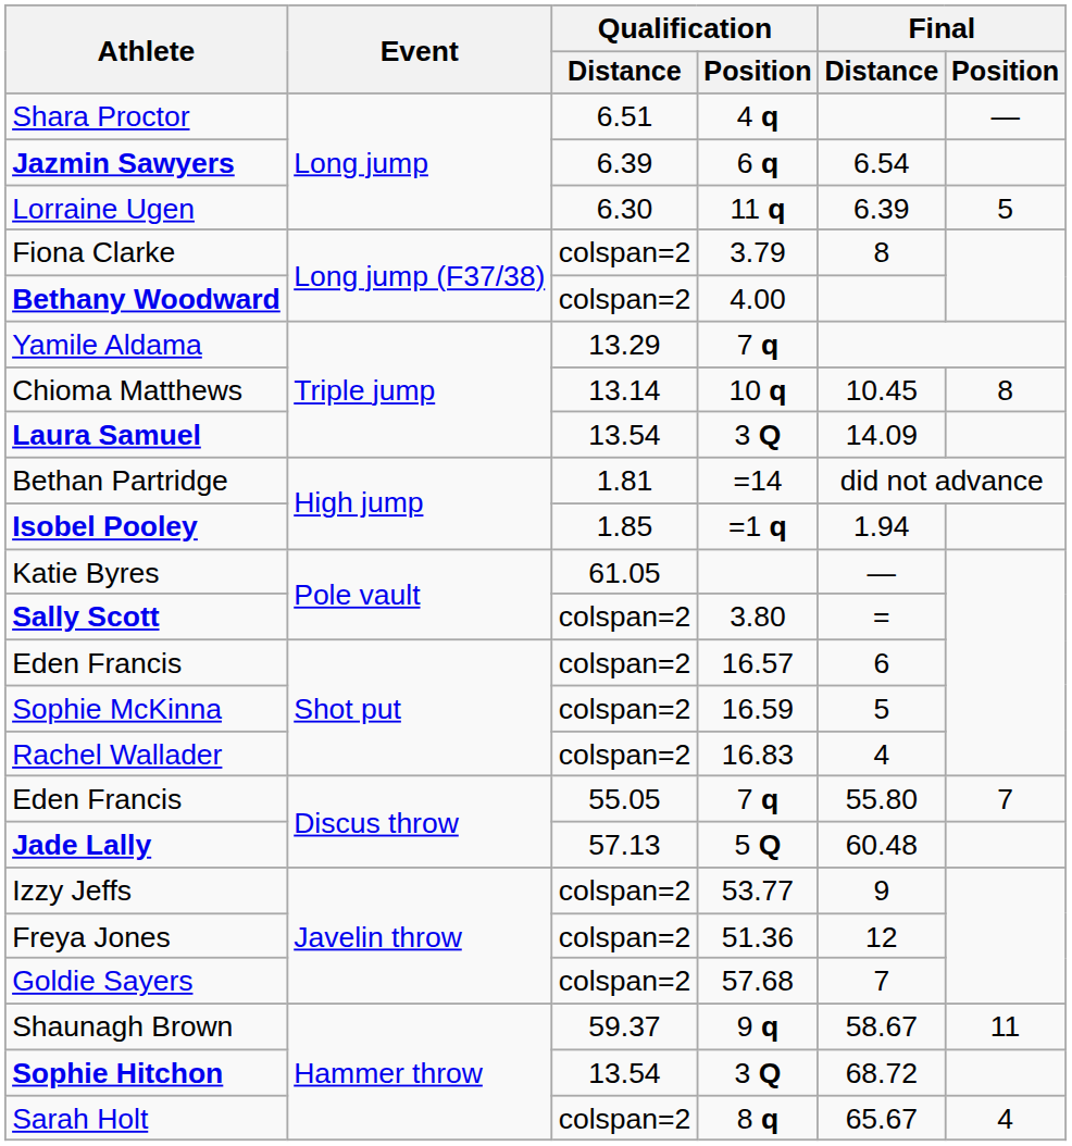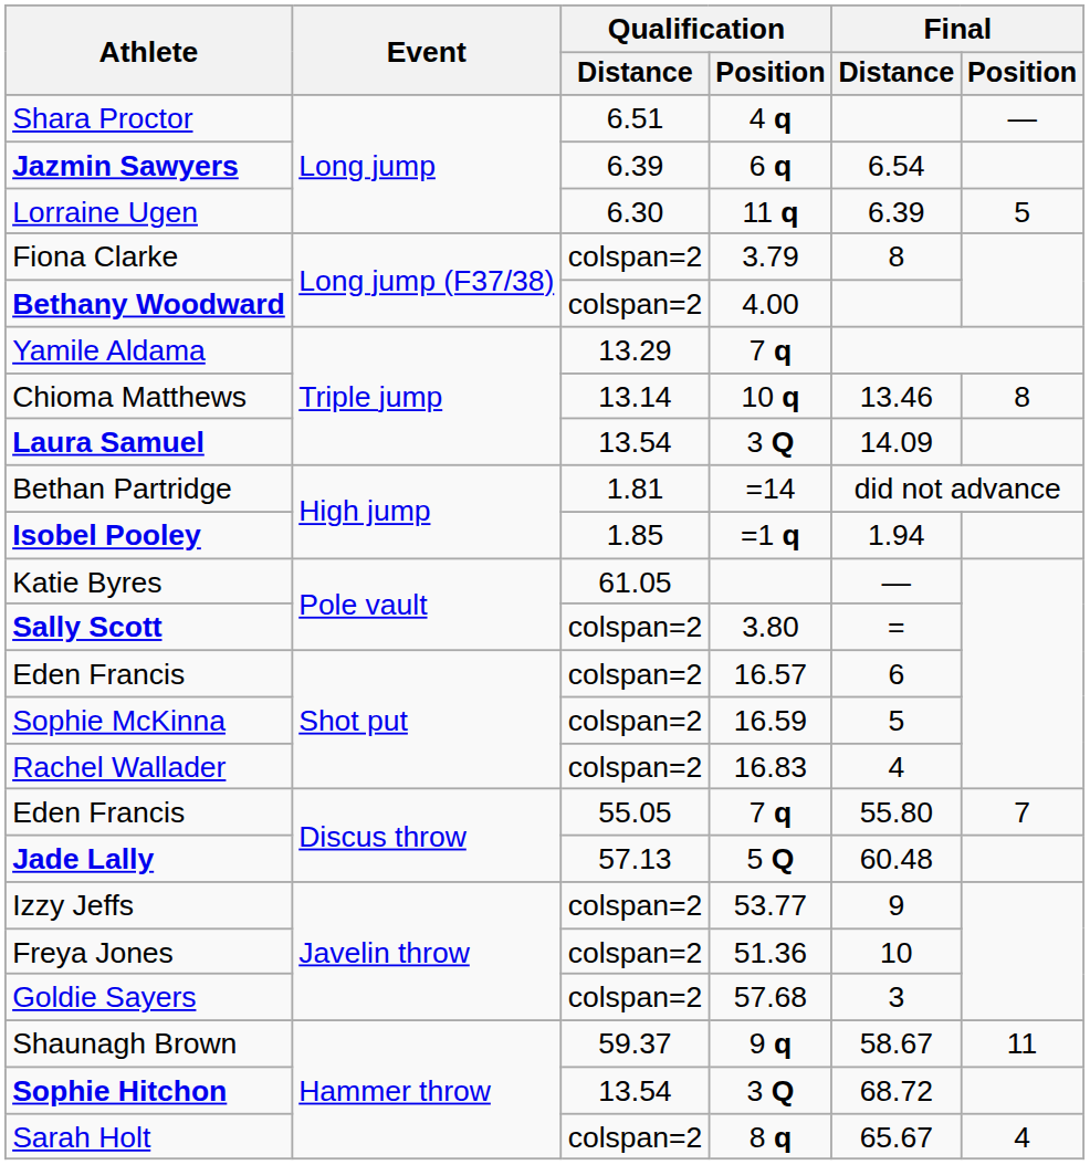 <table class=wikitable style="font-size:90%">
 <tr>
 <th rowspan="2">Athlete</th>
 <th rowspan="2">Event</th>
 <th colspan="2">Qualification</th>
 <th colspan="2">Final</th>
 </tr>
 <tr style="font-size:95%">
 <th>Distance</th>
 <th>Position</th>
 <th>Distance</th>
 <th>Position</th>
 </tr>
 <tr align=center>
 <td align=left><a href='#'>Shara Proctor</a></td>
 <td style="text-align:left;" rowspan="3"><a href='#'>Long jump</a></td>
 <td>6.51</td>
 <td>4 <strong>q</strong></td>
 <td></td>
 <td>—</td>
 </tr>
 <tr align=center>
 <td align=left><strong><a href='#'>Jazmin Sawyers</a></strong></td>
 <td>6.39</td>
 <td>6 <strong>q</strong></td>
 <td>6.54</td>
 <td></td>
 </tr>
 <tr align=center>
 <td align=left><a href='#'>Lorraine Ugen</a></td>
 <td>6.30</td>
 <td>11 <strong>q</strong></td>
 <td>6.39</td>
 <td>5</td>
 </tr>
 <tr align=center>
 <td align=left>Fiona Clarke</td>
 <td style="text-align:left;" rowspan="2"><a href='#'>Long jump (F37/38)</a></td>
 <td>colspan=2 </td>
 <td>3.79</td>
 <td>8</td>
 </tr>
 <tr align=center>
 <td align=left><strong><a href='#'>Bethany Woodward</a></strong></td>
 <td>colspan=2 </td>
 <td>4.00</td>
 <td></td>
 </tr>
 <tr align=center>
 <td align=left><a href='#'>Yamile Aldama</a></td>
 <td style="text-align:left;" rowspan="3"><a href='#'>Triple jump</a></td>
 <td>13.29</td>
 <td>7 <strong>q</strong></td>
 <td colspan=2></td>
 </tr>
 <tr align=center>
 <td align=left>Chioma Matthews</td>
 <td>13.14</td>
 <td>10 <strong>q</strong></td>
-<td>10.45</td>
+<td>13.46</td>
 <td>8</td>
 </tr>
 <tr align=center>
 <td align=left><strong><a href='#'>Laura Samuel</a></strong></td>
 <td>13.54</td>
 <td>3 <strong>Q</strong></td>
 <td>14.09</td>
 <td></td>
 </tr>
 <tr align=center>
 <td align=left>Bethan Partridge</td>
 <td style="text-align:left;" rowspan="2"><a href='#'>High jump</a></td>
 <td>1.81</td>
 <td>=14</td>
 <td colspan=2>did not advance</td>
 </tr>
 <tr align=center>
 <td align=left><strong><a href='#'>Isobel Pooley</a></strong></td>
 <td>1.85</td>
 <td>=1 <strong>q</strong></td>
 <td>1.94</td>
 <td></td>
 </tr>
 <tr align=center>
 <td align=left>Katie Byres</td>
 <td style="text-align:left;" rowspan="2"><a href='#'>Pole vault</a></td>
 <td>61.05</td>
 <td></td>
 <td>—</td>
 </tr>
 <tr align=center>
 <td align=left><strong><a href='#'>Sally Scott</a></strong></td>
 <td>colspan=2 </td>
 <td>3.80</td>
 <td>=</td>
 </tr>
 <tr align=center>
 <td align=left>Eden Francis</td>
 <td style="text-align:left;" rowspan="3"><a href='#'>Shot put</a></td>
 <td>colspan=2 </td>
 <td>16.57</td>
 <td>6</td>
 </tr>
 <tr align=center>
 <td align=left><a href='#'>Sophie McKinna</a></td>
 <td>colspan=2 </td>
 <td>16.59</td>
 <td>5</td>
 </tr>
 <tr align=center>
 <td align=left><a href='#'>Rachel Wallader</a></td>
 <td>colspan=2 </td>
 <td>16.83</td>
 <td>4</td>
 </tr>
 <tr align=center>
 <td align=left>Eden Francis</td>
 <td style="text-align:left;" rowspan="2"><a href='#'>Discus throw</a></td>
 <td>55.05</td>
 <td>7 <strong>q</strong></td>
 <td>55.80</td>
 <td>7</td>
 </tr>
 <tr align=center>
 <td align=left><strong><a href='#'>Jade Lally</a></strong></td>
 <td>57.13</td>
 <td>5 <strong>Q</strong></td>
 <td>60.48</td>
 <td></td>
 </tr>
 <tr align=center>
 <td align=left>Izzy Jeffs</td>
 <td style="text-align:left;" rowspan="3"><a href='#'>Javelin throw</a></td>
 <td>colspan=2 </td>
 <td>53.77</td>
 <td>9</td>
 </tr>
 <tr align=center>
 <td align=left>Freya Jones</td>
 <td>colspan=2 </td>
 <td>51.36</td>
-<td>12</td>
+<td>10</td>
 </tr>
 <tr align=center>
 <td align=left><a href='#'>Goldie Sayers</a></td>
 <td>colspan=2 </td>
 <td>57.68</td>
-<td>7</td>
+<td>3</td>
 </tr>
 <tr align=center>
 <td align=left>Shaunagh Brown</td>
 <td style="text-align:left;" rowspan="3"><a href='#'>Hammer throw</a></td>
 <td>59.37</td>
 <td>9 <strong>q</strong></td>
 <td>58.67</td>
 <td>11</td>
 </tr>
 <tr align=center>
 <td align=left><strong><a href='#'>Sophie Hitchon</a></strong></td>
 <td>13.54</td>
 <td>3 <strong>Q</strong></td>
 <td>68.72</td>
 <td></td>
 </tr>
 <tr align=center>
 <td align=left><a href='#'>Sarah Holt</a></td>
 <td>colspan=2 </td>
 <td>8 <strong>q</strong></td>
 <td>65.67</td>
 <td>4</td>
 </tr>
 </table>
